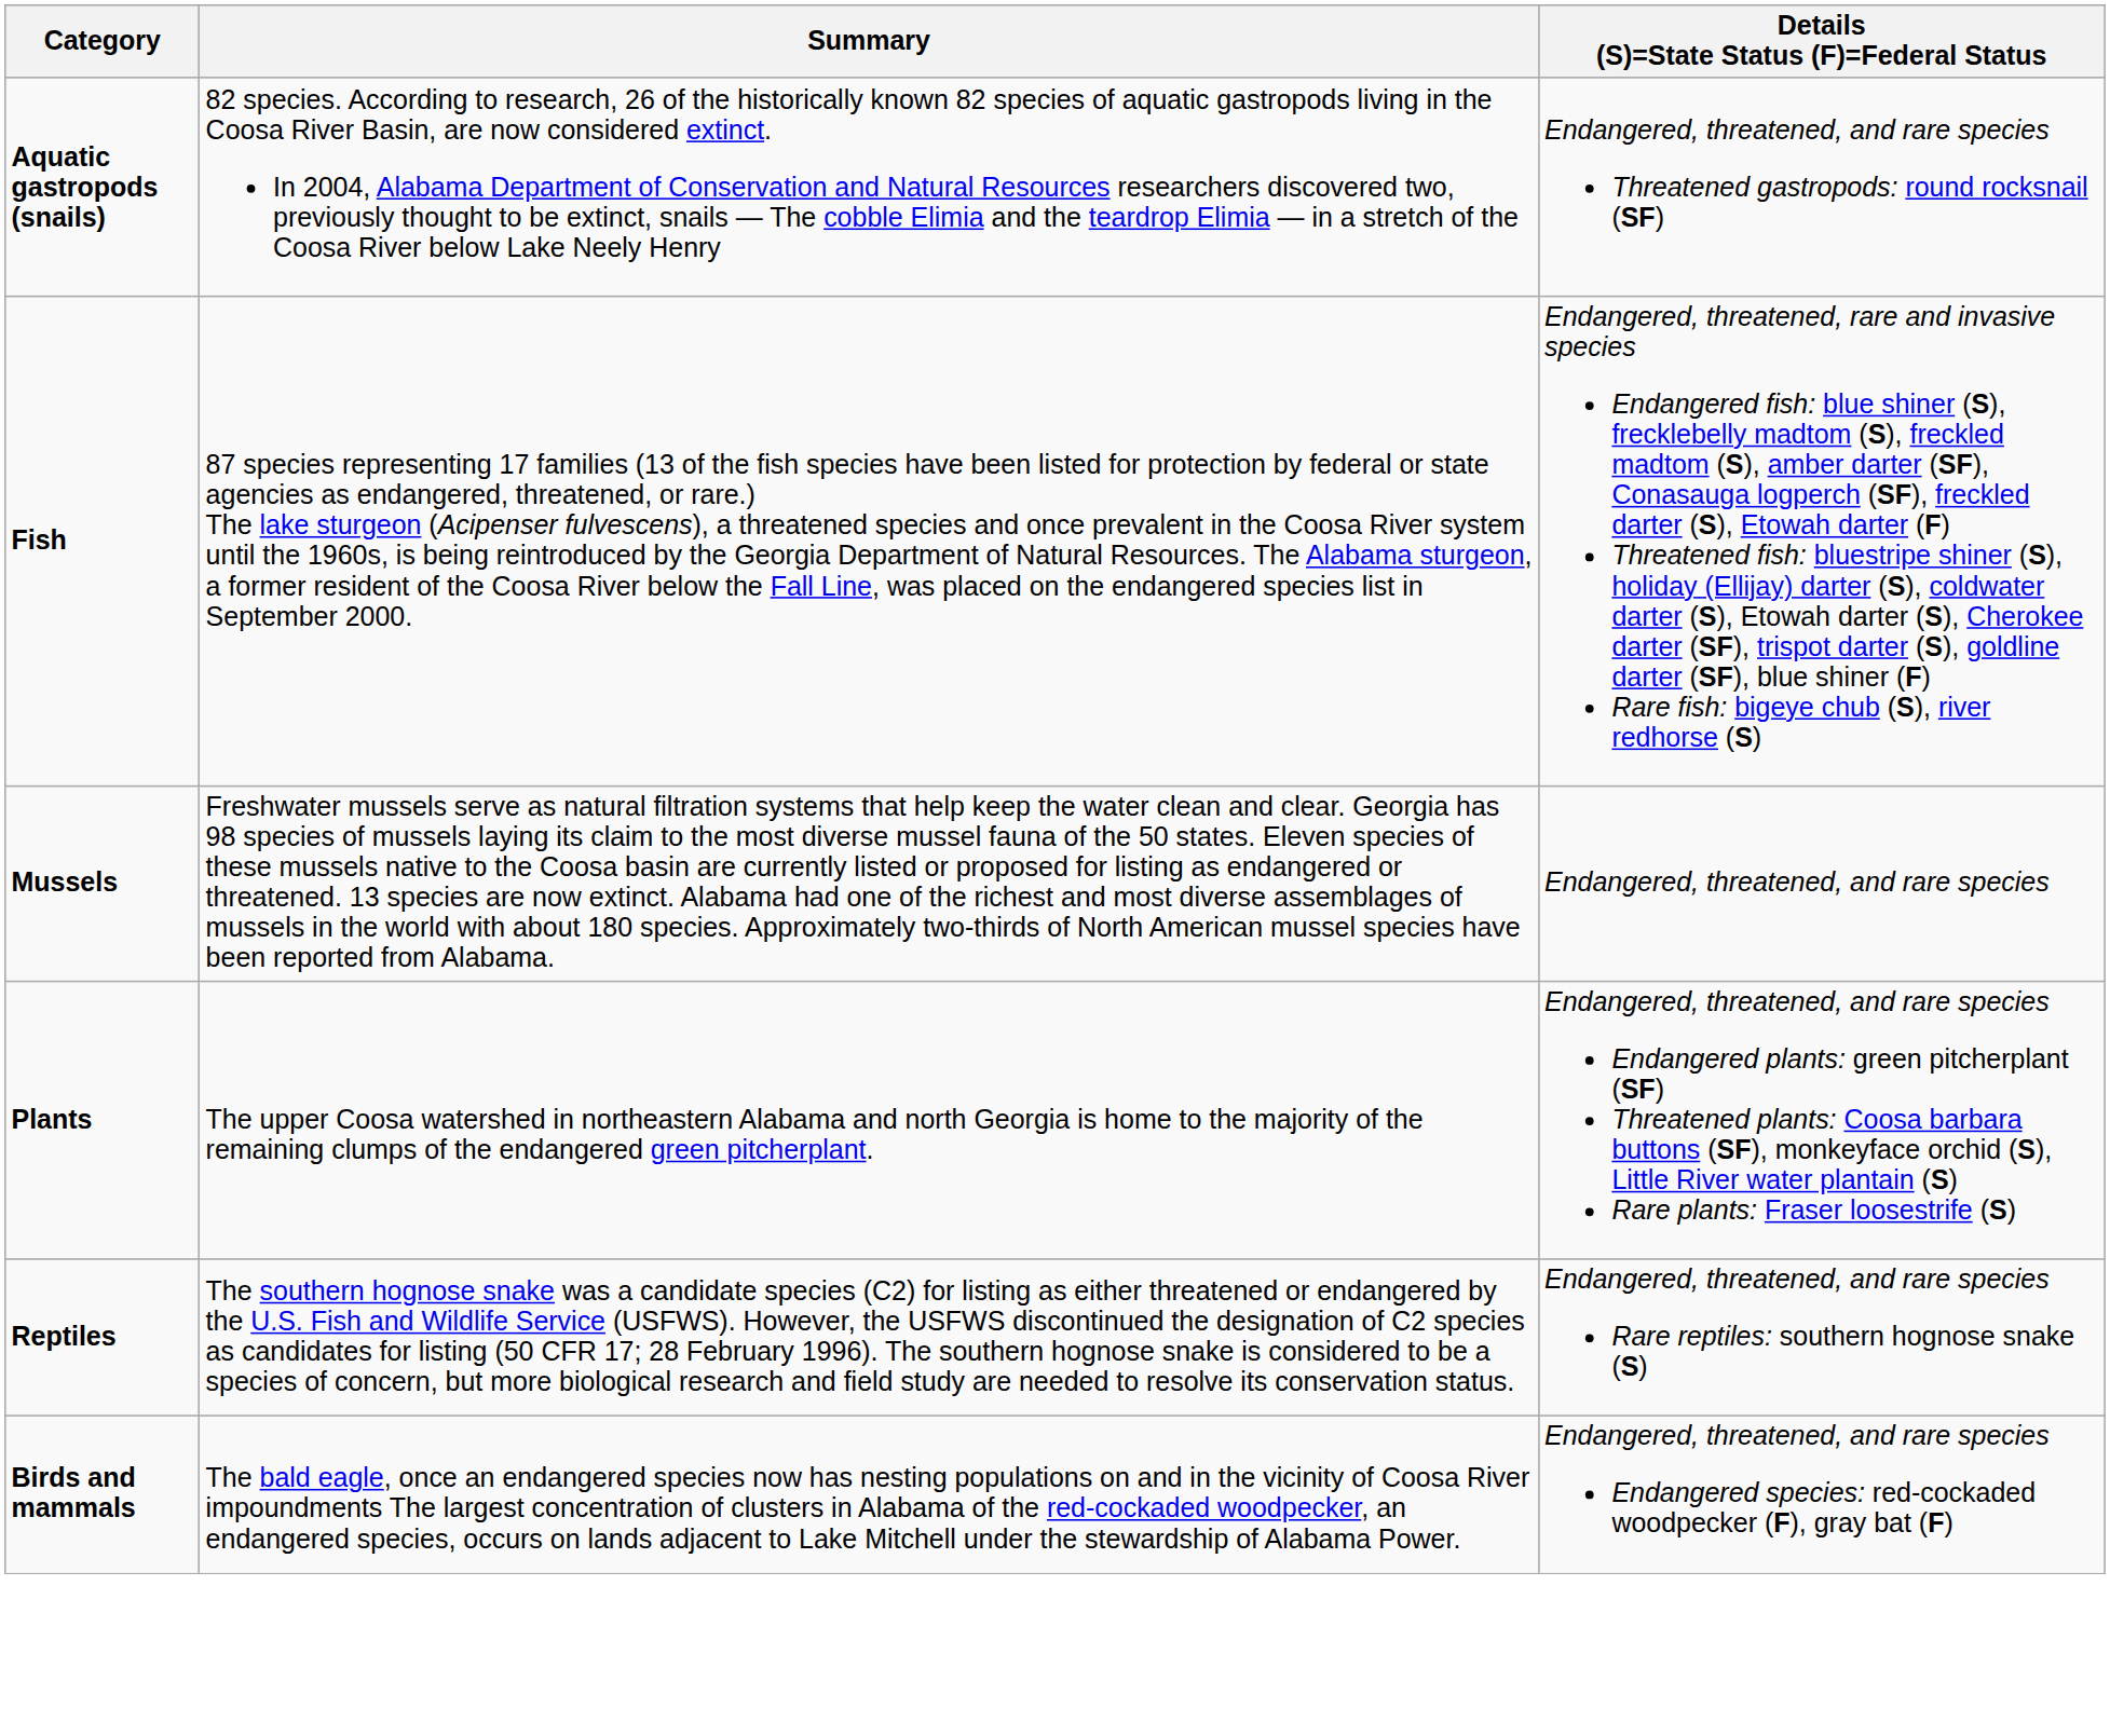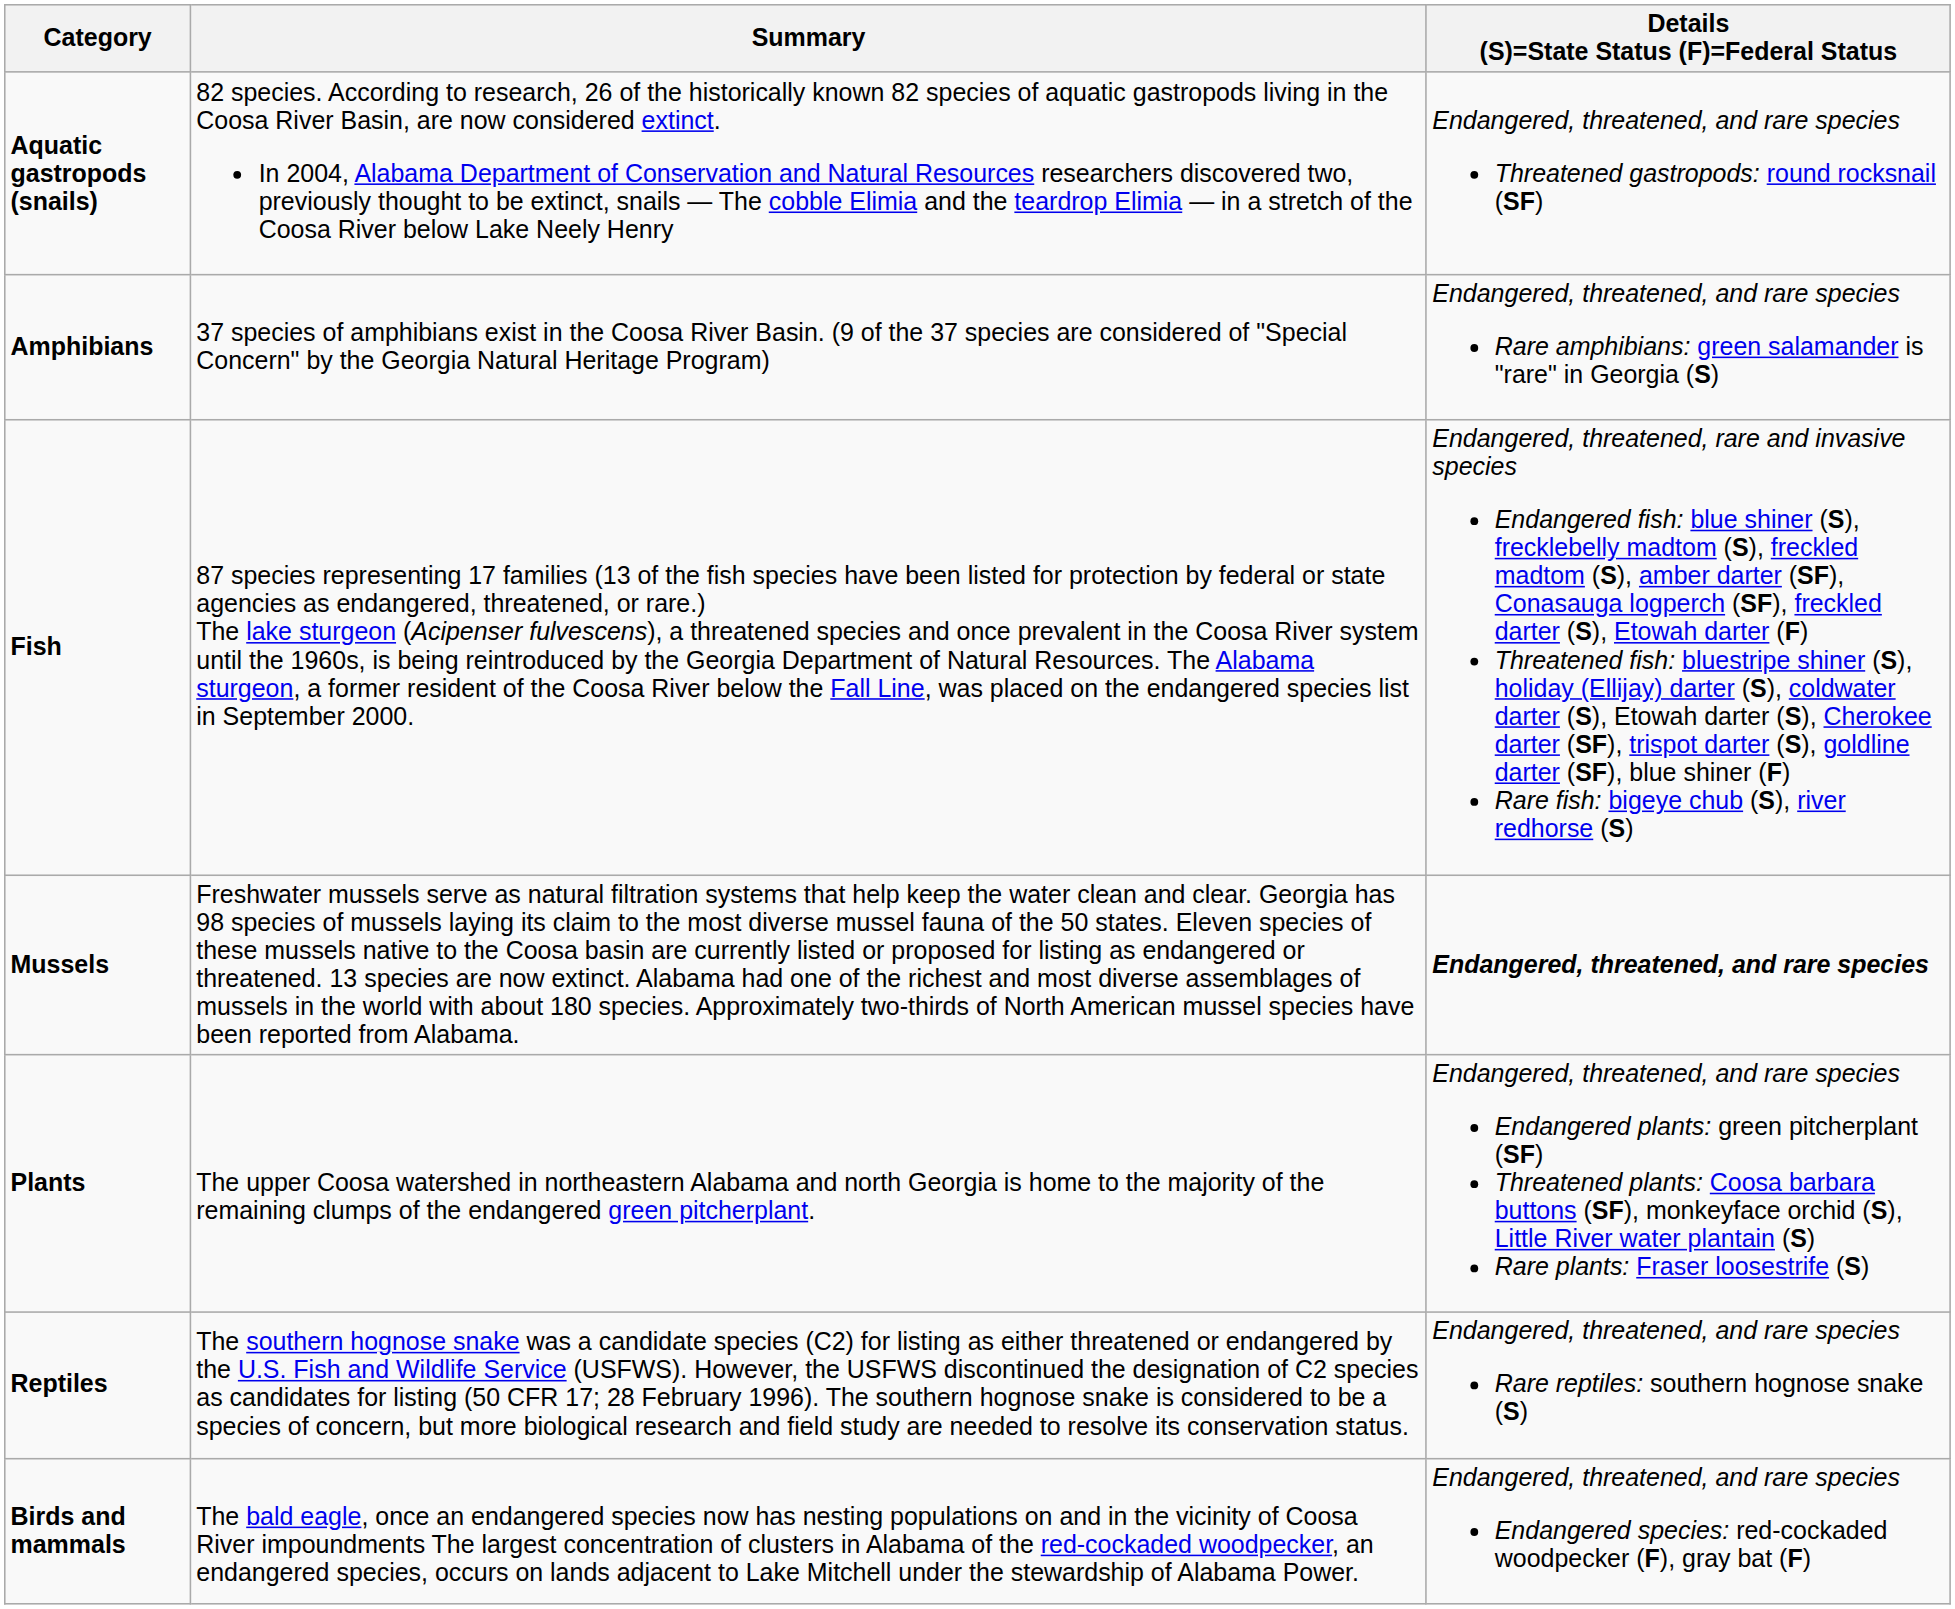 <table class="wikitable">
 <tr>
 <th><strong>Category</strong></th>
 <th><strong>Summary</strong></th>
 <th><strong>Details</strong><br>(S)=State Status (F)=Federal Status</th>
 </tr>
 <tr>
 <td><strong>Aquatic gastropods (snails)</strong></td>
 <td>82 species. According to research, 26 of the historically known 82 species of aquatic gastropods living in the Coosa River Basin, are now considered <a href='#'>extinct</a>.<br><ul><li>In 2004, <a href='#'>Alabama Department of Conservation and Natural Resources</a> researchers discovered two, previously thought to be extinct, snails — The <a href='#'>cobble Elimia</a> and the <a href='#'>teardrop Elimia</a> — in a stretch of the Coosa River below Lake Neely Henry</li></ul></td>
 <td><em>Endangered, threatened, and rare species</em><br><ul><li><em>Threatened gastropods:</em> <a href='#'>round rocksnail</a> (<strong>SF</strong>)</li></ul></td>
 </tr>
 <tr>
+<td><strong>Amphibians</strong></td>
+<td>37 species of amphibians exist in the Coosa River Basin. (9 of the 37 species are considered of "Special Concern" by the Georgia Natural Heritage Program)</td>
+<td><em>Endangered, threatened, and rare species</em><br><ul><li><em>Rare amphibians:</em> <a href='#'>green salamander</a> is "rare" in Georgia (<strong>S</strong>)</li></ul></td>
+</tr>
+<tr>
 <td><strong>Fish</strong></td>
 <td>87 species representing 17 families (13 of the fish species have been listed for protection by federal or state agencies as endangered, threatened, or rare.)<br>The <a href='#'>lake sturgeon</a> (<em>Acipenser fulvescens</em>), a threatened species and once prevalent in the Coosa River system until the 1960s, is being reintroduced by the Georgia Department of Natural Resources. The <a href='#'>Alabama sturgeon</a>, a former resident of the Coosa River below the <a href='#'>Fall Line</a>, was placed on the endangered species list in September 2000.</td>
 <td><em>Endangered, threatened, rare and invasive species</em><br><ul><li><em>Endangered fish:</em> <a href='#'>blue shiner</a> (<strong>S</strong>), <a href='#'>frecklebelly madtom</a> (<strong>S</strong>), <a href='#'>freckled madtom</a> (<strong>S</strong>), <a href='#'>amber darter</a> (<strong>SF</strong>), <a href='#'>Conasauga logperch</a> (<strong>SF</strong>), <a href='#'>freckled darter</a> (<strong>S</strong>), <a href='#'>Etowah darter</a> (<strong>F</strong>)</li><li><em>Threatened fish:</em> <a href='#'>bluestripe shiner</a> (<strong>S</strong>), <a href='#'>holiday (Ellijay) darter</a> (<strong>S</strong>), <a href='#'>coldwater darter</a> (<strong>S</strong>), Etowah darter (<strong>S</strong>), <a href='#'>Cherokee darter</a> (<strong>SF</strong>), <a href='#'>trispot darter</a> (<strong>S</strong>), <a href='#'>goldline darter</a> (<strong>SF</strong>), blue shiner (<strong>F</strong>)</li><li><em>Rare fish:</em> <a href='#'>bigeye chub</a> (<strong>S</strong>), <a href='#'>river redhorse</a> (<strong>S</strong>)</li></ul></td>
 </tr>
 <tr>
 <td><strong>Mussels</strong></td>
 <td>Freshwater mussels serve as natural filtration systems that help keep the water clean and clear. Georgia has 98 species of mussels laying its claim to the most diverse mussel fauna of the 50 states. Eleven species of these mussels native to the Coosa basin are currently listed or proposed for listing as endangered or threatened. 13 species are now extinct.  Alabama had one of the richest and most diverse assemblages of mussels in the world with about 180 species.  Approximately two-thirds of North American mussel species have been reported from Alabama.</td>
-<td><em>Endangered, threatened, and rare species</em></td>
+<td><strong><em>Endangered, threatened, and rare species</em></strong></td>
 </tr>
 <tr>
 <td><strong>Plants</strong></td>
 <td><br>The upper Coosa watershed in northeastern Alabama and north Georgia is home to the majority of the remaining clumps of the endangered <a href='#'>green pitcherplant</a>.</td>
 <td><em>Endangered, threatened, and rare species</em><br><ul><li><em>Endangered plants:</em> green pitcherplant (<strong>SF</strong>)</li><li><em>Threatened plants:</em> <a href='#'>Coosa barbara buttons</a> (<strong>SF</strong>), monkeyface orchid (<strong>S</strong>), <a href='#'>Little River water plantain</a> (<strong>S</strong>)</li><li><em>Rare plants:</em> <a href='#'>Fraser loosestrife</a> (<strong>S</strong>)</li></ul></td>
 </tr>
 <tr>
 <td><strong>Reptiles</strong></td>
 <td>The <a href='#'>southern hognose snake</a> was a candidate species (C2) for listing as either threatened or endangered by the <a href='#'>U.S. Fish and Wildlife Service</a> (USFWS). However, the USFWS discontinued the designation of C2 species as candidates for listing (50 CFR 17; 28 February 1996). The southern hognose snake is considered to be a species of concern, but more biological research and field study are needed to resolve its conservation status.</td>
 <td><em>Endangered, threatened, and rare species</em><br><ul><li><em>Rare reptiles:</em> southern hognose snake (<strong>S</strong>)</li></ul></td>
 </tr>
 <tr>
 <td><strong>Birds and mammals</strong></td>
 <td><br>The <a href='#'>bald eagle</a>, once an endangered species now has nesting populations on and in the vicinity of Coosa River impoundments The largest concentration of clusters in Alabama of the <a href='#'>red-cockaded woodpecker</a>, an endangered species, occurs on lands adjacent to Lake Mitchell under the stewardship of Alabama Power.</td>
 <td><em>Endangered, threatened, and rare species</em><br><ul><li><em>Endangered species:</em> red-cockaded woodpecker (<strong>F</strong>), gray bat (<strong>F</strong>)</li></ul></td>
 </tr>
 </table>
